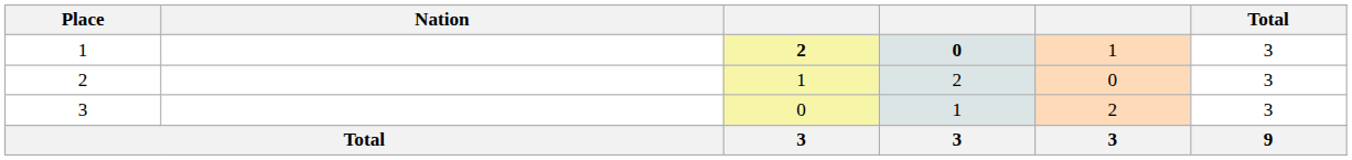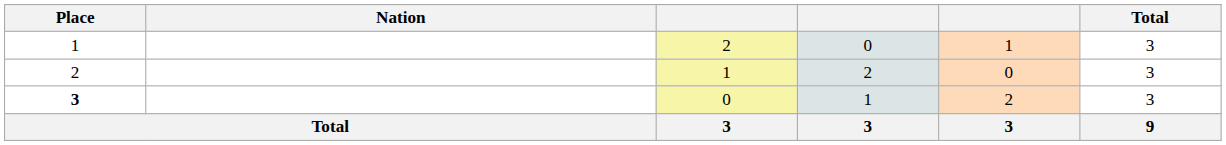 <table class="wikitable" style="border:1px solid #AAAAAA" width="90%">
 <tr bgcolor="#EFEFEF">
 <th width=50>Place</th>
 <th width=200>Nation</th>
 <th width=50></th>
 <th width=50></th>
 <th width=50></th>
 <th width=50>Total</th>
 </tr>
 <tr align="center" valign="center" bgcolor="#FFFFFF">
 <td>1</td>
 <td align="left"></td>
-<td style="background:#F7F6A8;"><strong>2</strong></td>
-<td style="background:#DCE5E5;"><strong>0</strong></td>
+<td style="background:#F7F6A8;">2</td>
+<td style="background:#DCE5E5;">0</td>
 <td style="background:#FFDAB9;">1</td>
 <td>3</td>
 </tr>
 <tr align="center" valign="center" bgcolor="#FFFFFF">
 <td>2</td>
 <td align="left"></td>
 <td style="background:#F7F6A8;">1</td>
 <td style="background:#DCE5E5;">2</td>
 <td style="background:#FFDAB9;">0</td>
 <td>3</td>
 </tr>
 <tr align="center" valign="center" bgcolor="#FFFFFF">
-<td>3</td>
+<td><strong>3</strong></td>
 <td align="left"></td>
 <td style="background:#F7F6A8;">0</td>
 <td style="background:#DCE5E5;">1</td>
 <td style="background:#FFDAB9;">2</td>
 <td>3</td>
 </tr>
 <tr bgcolor="#EFEFEF">
 <th colspan=2>Total</th>
 <th>3</th>
 <th>3</th>
 <th>3</th>
 <th>9</th>
 </tr>
 </table>
